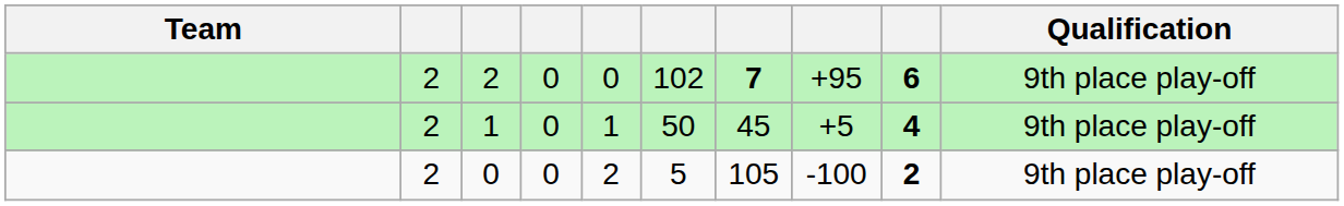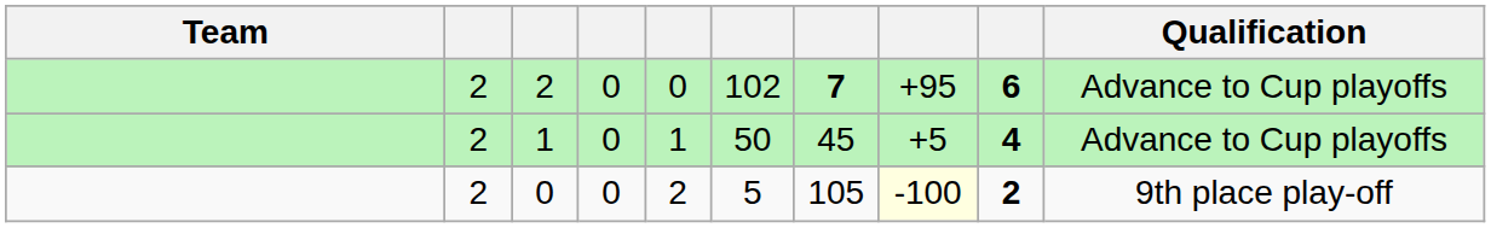 <table class="wikitable" style="text-align:center;">
 <tr>
 <th style="width:12.5em">Team</th>
 <th style="width:1.5em;"></th>
 <th style="width:1.5em;"></th>
 <th style="width:1.5em;"></th>
 <th style="width:1.5em;"></th>
 <th style="width:2.0em;"></th>
 <th style="width:2.0em;"></th>
 <th style="width:2.5em;"></th>
 <th style="width:1.5em;"></th>
 <th style="width:12.5em">Qualification</th>
 </tr>
 <tr bgcolor=#bbf3bb>
 <td align=left></td>
 <td>2</td>
 <td>2</td>
 <td>0</td>
 <td>0</td>
 <td>102</td>
 <td><strong>7</strong></td>
 <td>+95</td>
 <td><strong>6</strong></td>
-<td>9th place play-off</td>
+<td>Advance to Cup playoffs</td>
 </tr>
 <tr bgcolor=#bbf3bb>
 <td align=left></td>
 <td>2</td>
 <td>1</td>
 <td>0</td>
 <td>1</td>
 <td>50</td>
 <td>45</td>
 <td>+5</td>
 <td><strong>4</strong></td>
-<td>9th place play-off</td>
+<td>Advance to Cup playoffs</td>
 </tr>
 <tr>
 <td align=left></td>
 <td>2</td>
 <td>0</td>
 <td>0</td>
 <td>2</td>
 <td>5</td>
 <td>105</td>
-<td>-100</td>
+<td style="background: lightyellow;">-100</td>
 <td><strong>2</strong></td>
 <td>9th place play-off</td>
 </tr>
 </table>
